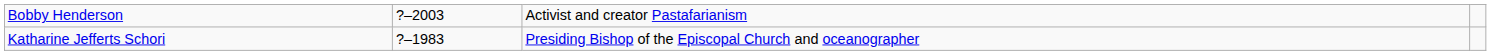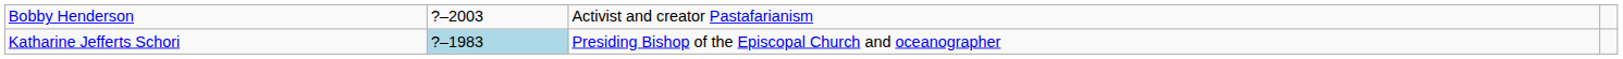 <table class="wikitable sortable" style="width:83%">
 <tr>
 <td><a href='#'>Bobby Henderson</a></td>
 <td>?–2003</td>
 <td>Activist and creator <a href='#'>Pastafarianism</a></td>
 <td></td>
 </tr>
 <tr valign="top">
 <td><a href='#'>Katharine Jefferts Schori</a></td>
-<td>?–1983</td>
+<td style="background: lightblue;">?–1983</td>
 <td><a href='#'>Presiding Bishop</a> of the <a href='#'>Episcopal Church</a> and <a href='#'>oceanographer</a></td>
 <td></td>
 </tr>
 </table>
